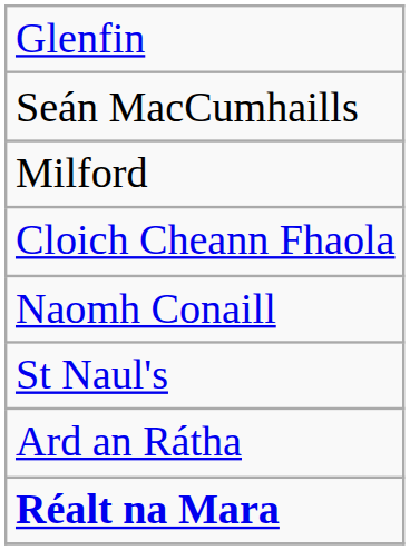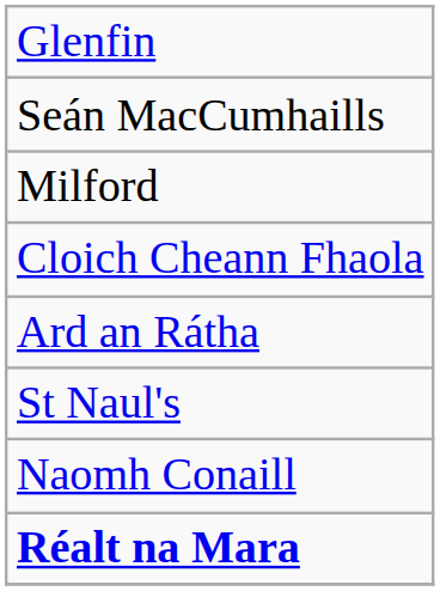 <table class="wikitable">
 <tr>
 <td><a href='#'>Glenfin</a></td>
 </tr>
 <tr>
 <td>Seán MacCumhaills</td>
 </tr>
 <tr>
 <td>Milford</td>
 </tr>
 <tr>
 <td><a href='#'>Cloich Cheann Fhaola</a></td>
 </tr>
 <tr>
-<td><a href='#'>Naomh Conaill</a></td>
+<td><a href='#'>Ard an Rátha</a></td>
 </tr>
 <tr>
 <td><a href='#'>St Naul's</a></td>
 </tr>
 <tr>
-<td><a href='#'>Ard an Rátha</a></td>
+<td><a href='#'>Naomh Conaill</a></td>
 </tr>
 <tr>
 <td><strong><a href='#'>Réalt na Mara</a></strong></td>
 </tr>
 <tr>
 </tr>
 </table>
